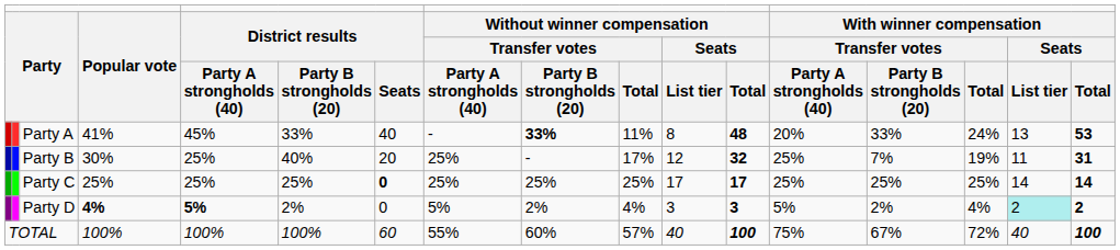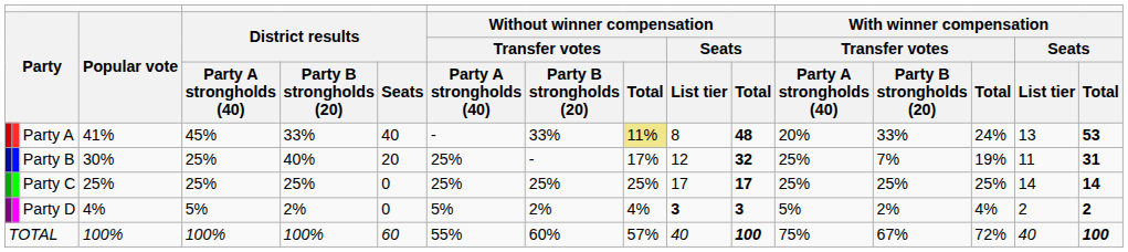 <table class="wikitable">
 <tr>
 <td colspan="4"></td>
 <td colspan="3"></td>
 <td colspan="5"></td>
 <td colspan="5"></td>
 </tr>
 <tr>
 <th colspan="3" rowspan="3">Party</th>
 <th rowspan="3">Popular vote</th>
 <th colspan="3" rowspan="2">District results</th>
 <th colspan="5">Without winner compensation</th>
 <th colspan="5">With winner compensation</th>
 </tr>
 <tr>
 <th colspan="3">Transfer votes</th>
 <th colspan="2">Seats</th>
 <th colspan="3">Transfer votes</th>
 <th colspan="2">Seats</th>
 </tr>
 <tr>
 <th>Party A<br>strongholds<br>(40)</th>
 <th>Party B<br>strongholds<br>(20)</th>
 <th>Seats</th>
 <th>Party A<br>strongholds<br>(40)</th>
 <th>Party B<br>strongholds<br>(20)</th>
 <th>Total</th>
 <th>List tier</th>
 <th><strong>Total</strong></th>
 <th>Party A<br>strongholds<br>(40)</th>
 <th>Party B<br>strongholds<br>(20)</th>
 <th>Total</th>
 <th>List tier</th>
 <th><strong>Total</strong></th>
 </tr>
 <tr>
 <td style="background:#D10000"></td>
 <td style="background:#ff2c2c"></td>
 <td>Party A</td>
 <td>41%</td>
 <td>45%</td>
 <td>33%</td>
 <td>40</td>
 <td>-</td>
-<td><strong>33%</strong></td>
-<td>11%</td>
+<td>33%</td>
+<td style="background: khaki;">11%</td>
 <td>8</td>
 <td><strong>48</strong></td>
 <td>20%</td>
 <td>33%</td>
 <td>24%</td>
 <td>13</td>
 <td><strong>53</strong></td>
 </tr>
 <tr>
 <td style="background:#0008A5"></td>
 <td style="background:#000cff"></td>
 <td>Party B</td>
 <td>30%</td>
 <td>25%</td>
 <td>40%</td>
 <td>20</td>
 <td>25%</td>
 <td>-</td>
 <td>17%</td>
 <td>12</td>
 <td><strong>32</strong></td>
 <td>25%</td>
 <td>7%</td>
 <td>19%</td>
 <td>11</td>
 <td><strong>31</strong></td>
 </tr>
 <tr>
 <td style="background:#03AA00"></td>
 <td style="background:#05ff00"></td>
 <td>Party C</td>
 <td>25%</td>
 <td>25%</td>
 <td>25%</td>
-<td><strong>0</strong></td>
+<td>0</td>
 <td>25%</td>
 <td>25%</td>
 <td>25%</td>
 <td>17</td>
 <td><strong>17</strong></td>
 <td>25%</td>
 <td>25%</td>
 <td>25%</td>
 <td>14</td>
 <td><strong>14</strong></td>
 </tr>
 <tr>
 <td style="background:#820084"></td>
 <td style="background:#fb00ff"></td>
 <td>Party D</td>
-<td><strong>4%</strong></td>
-<td><strong>5%</strong></td>
+<td>4%</td>
+<td>5%</td>
 <td>2%</td>
 <td>0</td>
 <td>5%</td>
 <td>2%</td>
 <td>4%</td>
-<td>3</td>
+<td><strong>3</strong></td>
 <td><strong>3</strong></td>
 <td>5%</td>
 <td>2%</td>
 <td>4%</td>
-<td style="background: paleturquoise;">2</td>
+<td>2</td>
 <td><strong>2</strong></td>
 </tr>
 <tr>
 <td colspan="3"><em>TOTAL</em></td>
 <td><em>100%</em></td>
 <td><em>100%</em></td>
 <td><em>100%</em></td>
 <td><em>60</em></td>
 <td>55%</td>
 <td>60%</td>
 <td>57%</td>
 <td><em>40</em></td>
 <td><strong><em>100</em></strong></td>
 <td>75%</td>
 <td>67%</td>
 <td>72%</td>
 <td><em>40</em></td>
 <td><strong><em>100</em></strong></td>
 </tr>
 </table>
